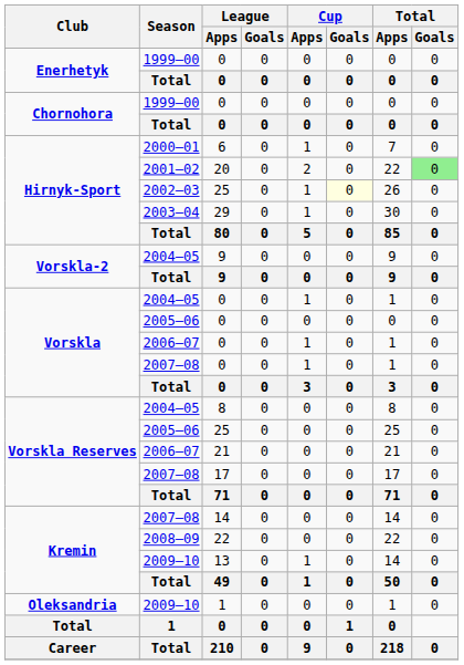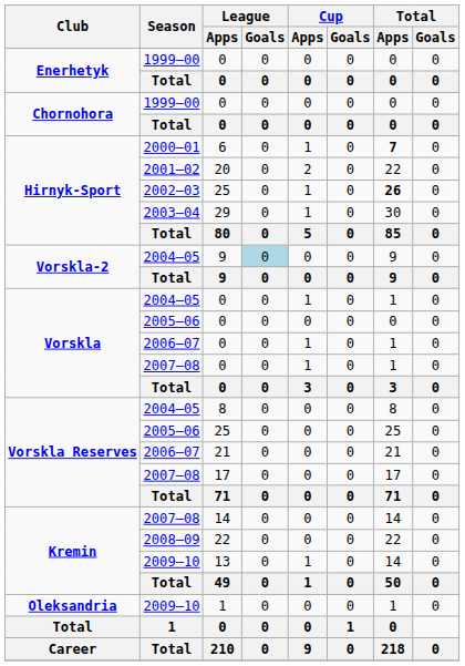 <table class="wikitable sortable" style="text-align: center;">
 <tr>
 <th rowspan="2">Club</th>
 <th rowspan="2">Season</th>
 <th colspan="2">League</th>
 <th colspan="2"><a href='#'>Cup</a></th>
 <th colspan="2">Total</th>
 </tr>
 <tr>
 <th>Apps</th>
 <th>Goals</th>
 <th>Apps</th>
 <th>Goals</th>
 <th>Apps</th>
 <th>Goals</th>
 </tr>
 <tr>
 <td rowspan="2"><strong><a href='#'>Enerhetyk</a></strong></td>
 <td><a href='#'>1999–00</a></td>
 <td>0</td>
 <td>0</td>
 <td>0</td>
 <td>0</td>
 <td>0</td>
 <td>0</td>
 </tr>
 <tr>
 <th>Total</th>
 <th>0</th>
 <th>0</th>
 <th>0</th>
 <th>0</th>
 <th>0</th>
 <th>0</th>
 </tr>
 <tr>
 <td rowspan="2"><strong><a href='#'>Chornohora</a></strong></td>
 <td><a href='#'>1999–00</a></td>
 <td>0</td>
 <td>0</td>
 <td>0</td>
 <td>0</td>
 <td>0</td>
 <td>0</td>
 </tr>
 <tr>
 <th>Total</th>
 <th>0</th>
 <th>0</th>
 <th>0</th>
 <th>0</th>
 <th>0</th>
 <th>0</th>
 </tr>
 <tr>
 <td rowspan="5"><strong><a href='#'>Hirnyk-Sport</a></strong></td>
 <td><a href='#'>2000–01</a></td>
 <td>6</td>
 <td>0</td>
 <td>1</td>
 <td>0</td>
-<td>7</td>
+<td><strong>7</strong></td>
 <td>0</td>
 </tr>
 <tr>
 <td><a href='#'>2001–02</a></td>
 <td>20</td>
 <td>0</td>
 <td>2</td>
 <td>0</td>
 <td>22</td>
-<td style="background: lightgreen;">0</td>
+<td>0</td>
 </tr>
 <tr>
 <td><a href='#'>2002–03</a></td>
 <td>25</td>
 <td>0</td>
 <td>1</td>
-<td style="background: lightyellow;">0</td>
-<td>26</td>
+<td>0</td>
+<td><strong>26</strong></td>
 <td>0</td>
 </tr>
 <tr>
 <td><a href='#'>2003–04</a></td>
 <td>29</td>
 <td>0</td>
 <td>1</td>
 <td>0</td>
 <td>30</td>
 <td>0</td>
 </tr>
 <tr>
 <th>Total</th>
 <th>80</th>
 <th>0</th>
 <th>5</th>
 <th>0</th>
 <th>85</th>
 <th>0</th>
 </tr>
 <tr>
 <td rowspan="2"><strong><a href='#'>Vorskla-2</a></strong></td>
 <td><a href='#'>2004–05</a></td>
 <td>9</td>
-<td>0</td>
+<td style="background: lightblue;">0</td>
 <td>0</td>
 <td>0</td>
 <td>9</td>
 <td>0</td>
 </tr>
 <tr>
 <th>Total</th>
 <th>9</th>
 <th>0</th>
 <th>0</th>
 <th>0</th>
 <th>9</th>
 <th>0</th>
 </tr>
 <tr>
 <td rowspan="5"><strong><a href='#'>Vorskla</a></strong></td>
 <td><a href='#'>2004–05</a></td>
 <td>0</td>
 <td>0</td>
 <td>1</td>
 <td>0</td>
 <td>1</td>
 <td>0</td>
 </tr>
 <tr>
 <td><a href='#'>2005–06</a></td>
 <td>0</td>
 <td>0</td>
 <td>0</td>
 <td>0</td>
 <td>0</td>
 <td>0</td>
 </tr>
 <tr>
 <td><a href='#'>2006–07</a></td>
 <td>0</td>
 <td>0</td>
 <td>1</td>
 <td>0</td>
 <td>1</td>
 <td>0</td>
 </tr>
 <tr>
 <td><a href='#'>2007–08</a></td>
 <td>0</td>
 <td>0</td>
 <td>1</td>
 <td>0</td>
 <td>1</td>
 <td>0</td>
 </tr>
 <tr>
 <th>Total</th>
 <th>0</th>
 <th>0</th>
 <th>3</th>
 <th>0</th>
 <th>3</th>
 <th>0</th>
 </tr>
 <tr>
 <td rowspan="5"><strong><a href='#'>Vorskla Reserves</a></strong></td>
 <td><a href='#'>2004–05</a></td>
 <td>8</td>
 <td>0</td>
 <td>0</td>
 <td>0</td>
 <td>8</td>
 <td>0</td>
 </tr>
 <tr>
 <td><a href='#'>2005–06</a></td>
 <td>25</td>
 <td>0</td>
 <td>0</td>
 <td>0</td>
 <td>25</td>
 <td>0</td>
 </tr>
 <tr>
 <td><a href='#'>2006–07</a></td>
 <td>21</td>
 <td>0</td>
 <td>0</td>
 <td>0</td>
 <td>21</td>
 <td>0</td>
 </tr>
 <tr>
 <td><a href='#'>2007–08</a></td>
 <td>17</td>
 <td>0</td>
 <td>0</td>
 <td>0</td>
 <td>17</td>
 <td>0</td>
 </tr>
 <tr>
 <th>Total</th>
 <th>71</th>
 <th>0</th>
 <th>0</th>
 <th>0</th>
 <th>71</th>
 <th>0</th>
 </tr>
 <tr>
 <td rowspan="4"><strong><a href='#'>Kremin</a></strong></td>
 <td><a href='#'>2007–08</a></td>
 <td>14</td>
 <td>0</td>
 <td>0</td>
 <td>0</td>
 <td>14</td>
 <td>0</td>
 </tr>
 <tr>
 <td><a href='#'>2008–09</a></td>
 <td>22</td>
 <td>0</td>
 <td>0</td>
 <td>0</td>
 <td>22</td>
 <td>0</td>
 </tr>
 <tr>
 <td><a href='#'>2009–10</a></td>
 <td>13</td>
 <td>0</td>
 <td>1</td>
 <td>0</td>
 <td>14</td>
 <td>0</td>
 </tr>
 <tr>
 <th>Total</th>
 <th>49</th>
 <th>0</th>
 <th>1</th>
 <th>0</th>
 <th>50</th>
 <th>0</th>
 </tr>
 <tr>
 <td rowspan="1"><strong><a href='#'>Oleksandria</a></strong></td>
 <td><a href='#'>2009–10</a></td>
 <td>1</td>
 <td>0</td>
 <td>0</td>
 <td>0</td>
 <td>1</td>
 <td>0</td>
 </tr>
 <tr>
 <th>Total</th>
 <th>1</th>
 <th>0</th>
 <th>0</th>
 <th>0</th>
 <th>1</th>
 <th>0</th>
 </tr>
 <tr>
 <th>Career</th>
 <th>Total</th>
 <th>210</th>
 <th>0</th>
 <th>9</th>
 <th>0</th>
 <th>218</th>
 <th>0</th>
 </tr>
 <tr>
 </tr>
 </table>
